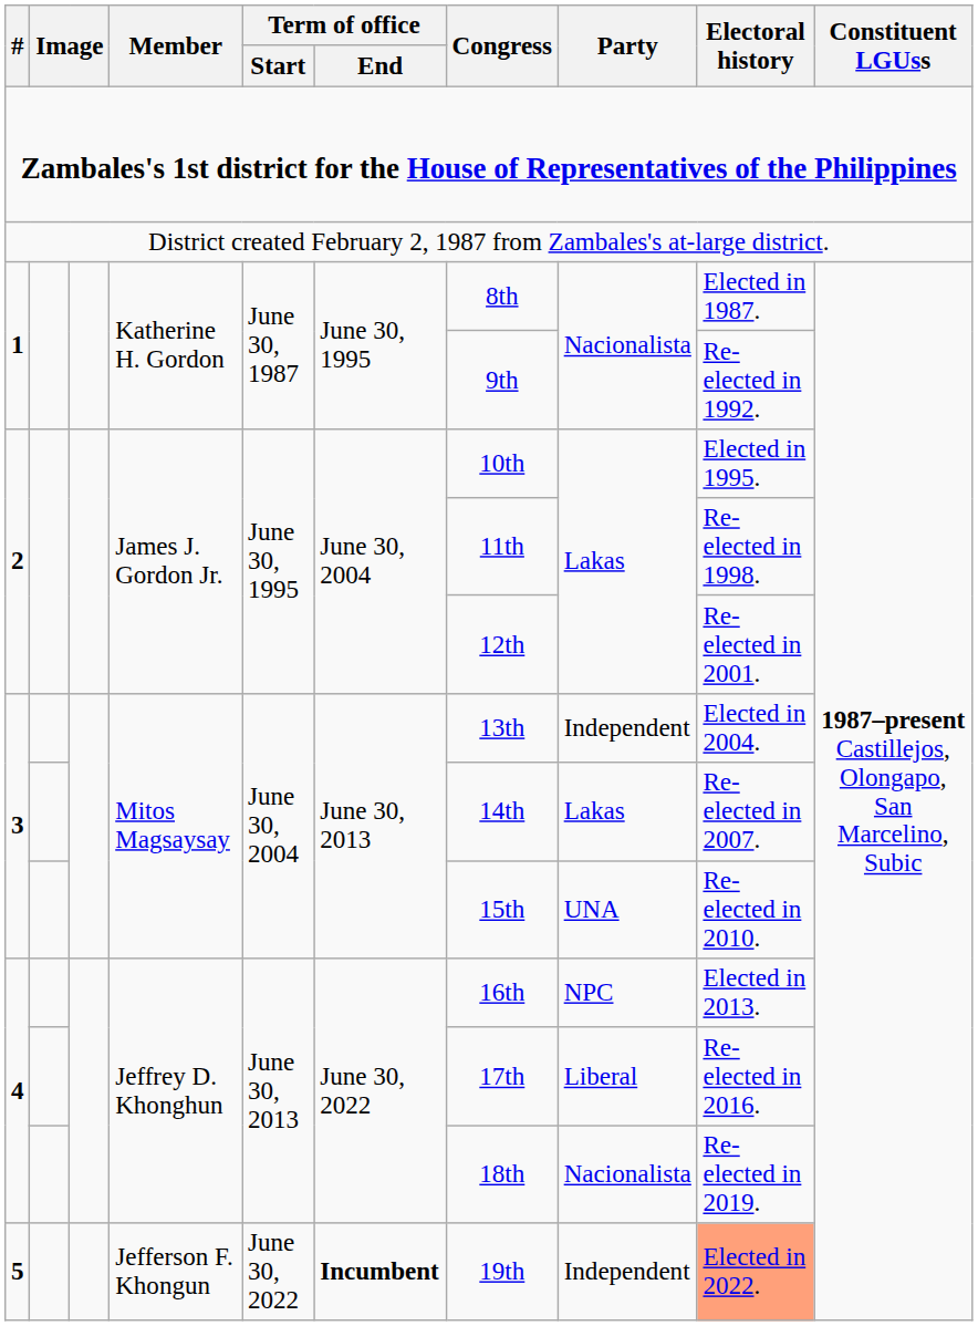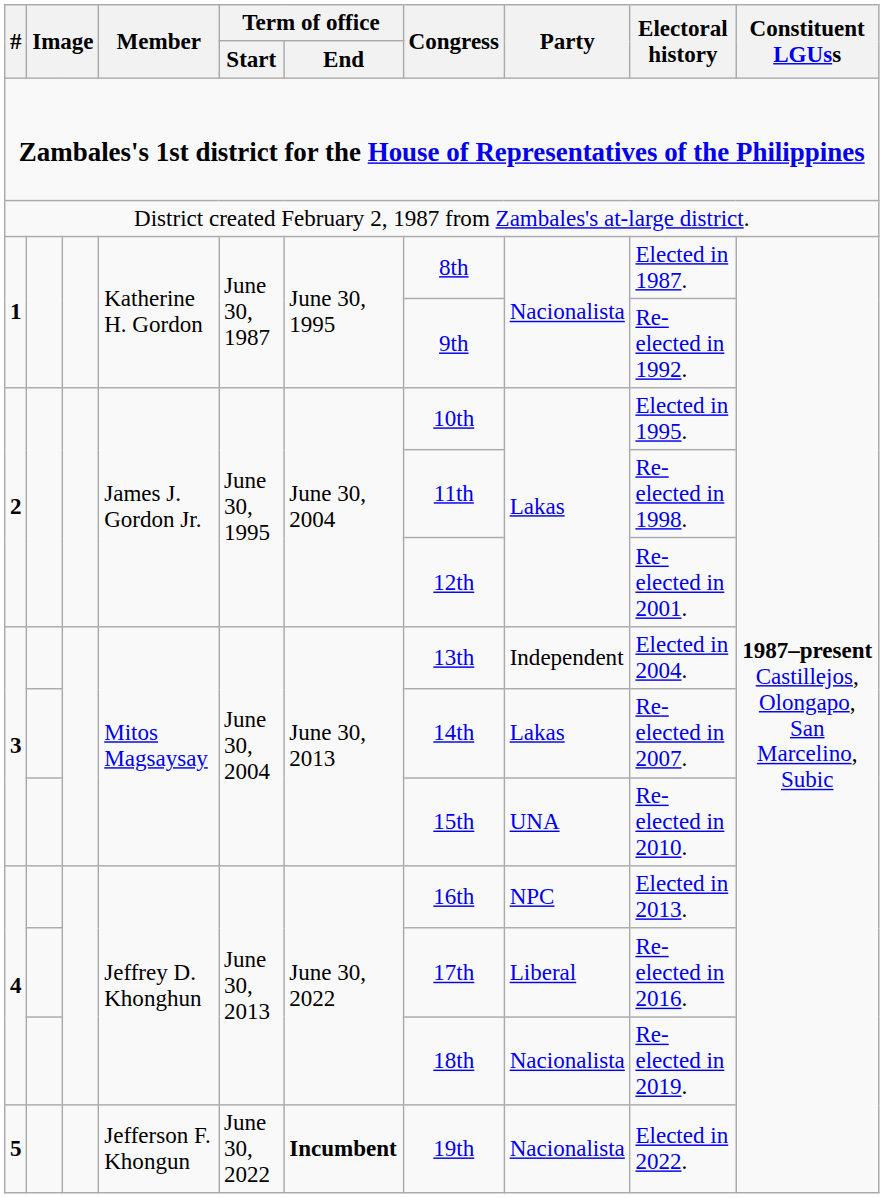 <table class=wikitable>
 <tr>
 <th rowspan="2">#</th>
 <th rowspan="2" colspan=2>Image</th>
 <th rowspan="2">Member</th>
 <th colspan=2>Term of office</th>
 <th rowspan="2">Congress</th>
 <th rowspan="2">Party</th>
 <th rowspan="2">Electoral history</th>
 <th rowspan="2">Constituent<br><a href='#'>LGUs</a>s</th>
 </tr>
 <tr>
 <th>Start</th>
 <th>End</th>
 </tr>
 <tr>
 <td colspan="10" style="text-align:center;"><br><h3>Zambales's 1st district for the <a href='#'>House of Representatives of the Philippines</a></h3></td>
 </tr>
 <tr>
 <td colspan="10" style="text-align:center;">District created February 2, 1987 from <a href='#'>Zambales's at-large district</a>.</td>
 </tr>
 <tr>
 <td rowspan="2" style="text-align:center;"><strong>1</strong></td>
 <td rowspan="2" style="color:inherit;background:"></td>
 <td rowspan="2"></td>
 <td rowspan="2">Katherine H. Gordon</td>
 <td rowspan="2">June 30, 1987</td>
 <td rowspan="2">June 30, 1995</td>
 <td style="text-align:center;"><a href='#'>8th</a></td>
 <td rowspan="2"><a href='#'>Nacionalista</a></td>
 <td><a href='#'>Elected in 1987</a>.</td>
 <td rowspan="12" style="text-align:center;"><strong>1987–present</strong><br><a href='#'>Castillejos</a>, <a href='#'>Olongapo</a>, <a href='#'>San Marcelino</a>, <a href='#'>Subic</a></td>
 </tr>
 <tr>
 <td style="text-align:center;"><a href='#'>9th</a></td>
 <td><a href='#'>Re-elected in 1992</a>.</td>
 </tr>
 <tr>
 <td rowspan="3" style="text-align:center;"><strong>2</strong></td>
 <td rowspan="3" style="color:inherit;background:"></td>
 <td rowspan="3"></td>
 <td rowspan="3">James J. Gordon Jr.</td>
 <td rowspan="3">June 30, 1995</td>
 <td rowspan="3">June 30, 2004</td>
 <td style="text-align:center;"><a href='#'>10th</a></td>
 <td rowspan="3"><a href='#'>Lakas</a></td>
 <td><a href='#'>Elected in 1995</a>.</td>
 </tr>
 <tr>
 <td style="text-align:center;"><a href='#'>11th</a></td>
 <td><a href='#'>Re-elected in 1998</a>.</td>
 </tr>
 <tr>
 <td style="text-align:center;"><a href='#'>12th</a></td>
 <td><a href='#'>Re-elected in 2001</a>.</td>
 </tr>
 <tr>
 <td rowspan="3" style="text-align:center;"><strong>3</strong></td>
 <td style="color:inherit;background:"></td>
 <td rowspan="3"></td>
 <td rowspan="3"><a href='#'>Mitos Magsaysay</a></td>
 <td rowspan="3">June 30, 2004</td>
 <td rowspan="3">June 30, 2013</td>
 <td style="text-align:center;"><a href='#'>13th</a></td>
 <td>Independent</td>
 <td><a href='#'>Elected in 2004</a>.</td>
 </tr>
 <tr>
 <td style="color:inherit;background:"></td>
 <td style="text-align:center;"><a href='#'>14th</a></td>
 <td><a href='#'>Lakas</a></td>
 <td><a href='#'>Re-elected in 2007</a>.</td>
 </tr>
 <tr>
 <td style="color:inherit;background:"></td>
 <td style="text-align:center;"><a href='#'>15th</a></td>
 <td><a href='#'>UNA</a></td>
 <td><a href='#'>Re-elected in 2010</a>.</td>
 </tr>
 <tr>
 <td rowspan="3" style="text-align:center;"><strong>4</strong></td>
 <td style="color:inherit;background:"></td>
 <td rowspan="3"></td>
 <td rowspan="3">Jeffrey D. Khonghun</td>
 <td rowspan="3">June 30, 2013</td>
 <td rowspan="3">June 30, 2022</td>
 <td style="text-align:center;"><a href='#'>16th</a></td>
 <td><a href='#'>NPC</a></td>
 <td><a href='#'>Elected in 2013</a>.</td>
 </tr>
 <tr>
 <td style="color:inherit;background:"></td>
 <td style="text-align:center;"><a href='#'>17th</a></td>
 <td><a href='#'>Liberal</a></td>
 <td><a href='#'>Re-elected in 2016</a>.</td>
 </tr>
 <tr>
 <td style="color:inherit;background:"></td>
 <td style="text-align:center;"><a href='#'>18th</a></td>
 <td><a href='#'>Nacionalista</a></td>
 <td><a href='#'>Re-elected in 2019</a>.</td>
 </tr>
 <tr>
 <td style="text-align:center;"><strong>5</strong></td>
 <td style="color:inherit;background:"></td>
 <td></td>
 <td>Jefferson F. Khongun</td>
 <td>June 30, 2022</td>
 <td><strong>Incumbent</strong></td>
 <td style="text-align:center;"><a href='#'>19th</a></td>
-<td>Independent</td>
-<td style="background: lightsalmon;"><a href='#'>Elected in 2022</a>.</td>
+<td><a href='#'>Nacionalista</a></td>
+<td><a href='#'>Elected in 2022</a>.</td>
 </tr>
 </table>
